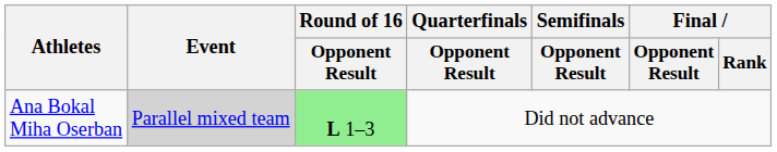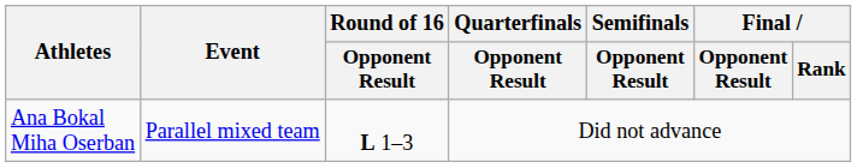 <table class="wikitable" style="font-size:90%">
 <tr>
 <th rowspan="2">Athletes</th>
 <th rowspan="2">Event</th>
 <th>Round of 16</th>
 <th>Quarterfinals</th>
 <th>Semifinals</th>
 <th colspan=2>Final / </th>
 </tr>
 <tr style="font-size:95%">
 <th>Opponent<br>Result</th>
 <th>Opponent<br>Result</th>
 <th>Opponent<br>Result</th>
 <th>Opponent<br>Result</th>
 <th>Rank</th>
 </tr>
 <tr align=center>
 <td align=left><a href='#'>Ana Bokal</a><br><a href='#'>Miha Oserban</a></td>
-<td align=left style="background: lightgrey;"><a href='#'>Parallel mixed team</a></td>
-<td style="background: lightgreen;"><br><strong>L</strong> 1–3</td>
+<td align=left><a href='#'>Parallel mixed team</a></td>
+<td><br><strong>L</strong> 1–3</td>
 <td colspan=4>Did not advance</td>
 </tr>
 </table>
